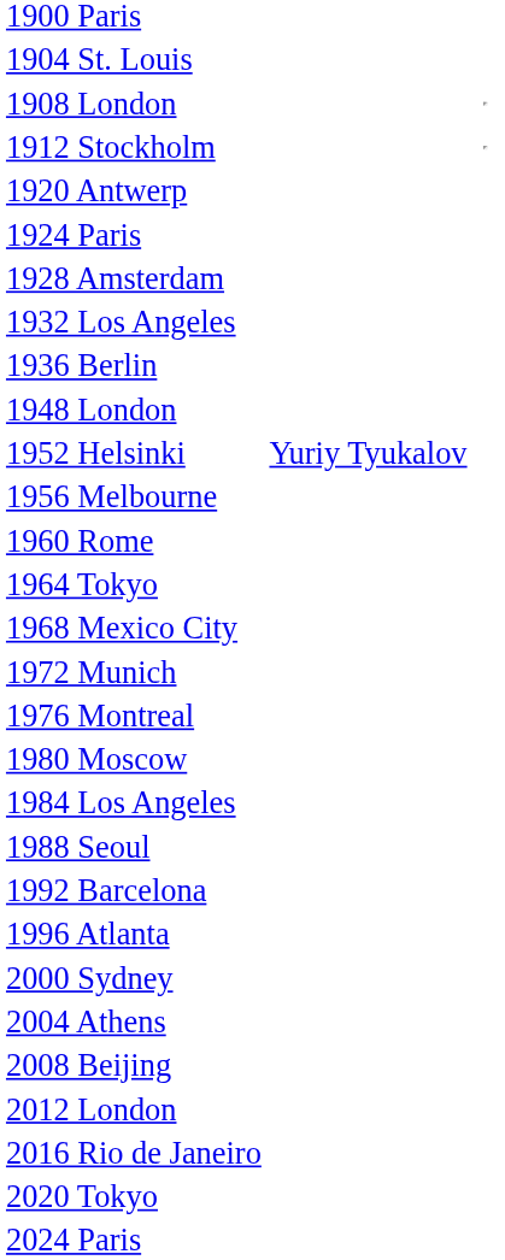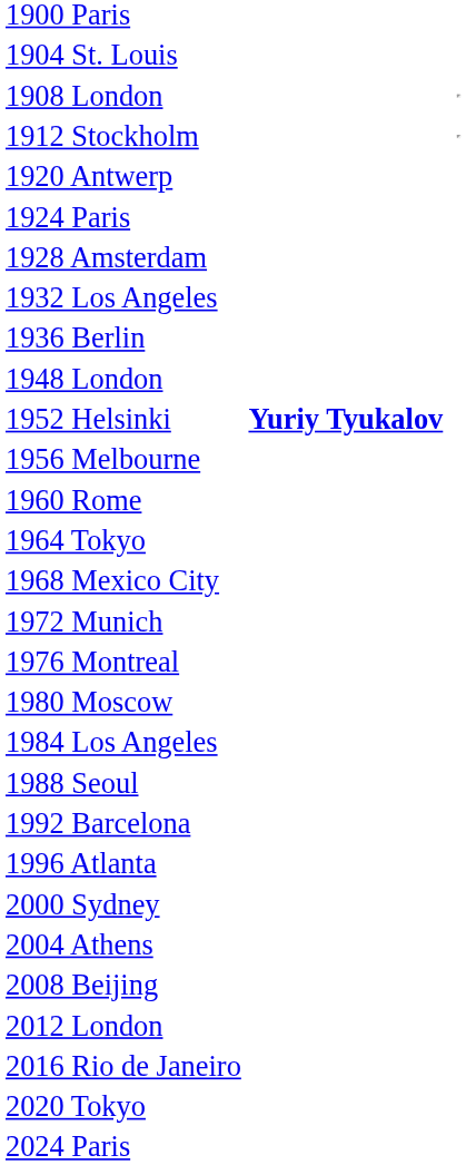 <table>
 <tr>
 <td><a href='#'>1900 Paris</a><br></td>
 <td></td>
 <td></td>
 <td></td>
 </tr>
 <tr>
 <td><a href='#'>1904 St. Louis</a><br></td>
 <td></td>
 <td></td>
 <td></td>
 </tr>
 <tr>
 <td><a href='#'>1908 London</a><br></td>
 <td></td>
 <td></td>
 <td><hr></td>
 </tr>
 <tr>
 <td><a href='#'>1912 Stockholm</a><br></td>
 <td></td>
 <td></td>
 <td><hr></td>
 </tr>
 <tr>
 <td><a href='#'>1920 Antwerp</a><br></td>
 <td></td>
 <td></td>
 <td></td>
 </tr>
 <tr>
 <td><a href='#'>1924 Paris</a><br></td>
 <td></td>
 <td></td>
 <td></td>
 </tr>
 <tr>
 <td><a href='#'>1928 Amsterdam</a><br></td>
 <td></td>
 <td></td>
 <td></td>
 </tr>
 <tr>
 <td><a href='#'>1932 Los Angeles</a><br></td>
 <td></td>
 <td></td>
 <td></td>
 </tr>
 <tr>
 <td><a href='#'>1936 Berlin</a><br></td>
 <td></td>
 <td></td>
 <td></td>
 </tr>
 <tr>
 <td><a href='#'>1948 London</a><br></td>
 <td></td>
 <td></td>
 <td></td>
 </tr>
 <tr>
 <td><a href='#'>1952 Helsinki</a><br></td>
-<td><a href='#'>Yuriy Tyukalov</a><br></td>
+<td><strong><a href='#'>Yuriy Tyukalov</a><br></strong></td>
 <td></td>
 <td></td>
 </tr>
 <tr>
 <td><a href='#'>1956 Melbourne</a><br></td>
 <td></td>
 <td></td>
 <td></td>
 </tr>
 <tr>
 <td><a href='#'>1960 Rome</a><br></td>
 <td></td>
 <td></td>
 <td></td>
 </tr>
 <tr>
 <td><a href='#'>1964 Tokyo</a><br></td>
 <td></td>
 <td></td>
 <td></td>
 </tr>
 <tr>
 <td><a href='#'>1968 Mexico City</a><br></td>
 <td></td>
 <td></td>
 <td></td>
 </tr>
 <tr>
 <td><a href='#'>1972 Munich</a><br></td>
 <td></td>
 <td></td>
 <td></td>
 </tr>
 <tr>
 <td><a href='#'>1976 Montreal</a><br></td>
 <td></td>
 <td></td>
 <td></td>
 </tr>
 <tr>
 <td><a href='#'>1980 Moscow</a><br></td>
 <td></td>
 <td></td>
 <td></td>
 </tr>
 <tr>
 <td><a href='#'>1984 Los Angeles</a><br></td>
 <td></td>
 <td></td>
 <td></td>
 </tr>
 <tr>
 <td><a href='#'>1988 Seoul</a><br></td>
 <td></td>
 <td></td>
 <td></td>
 </tr>
 <tr>
 <td><a href='#'>1992 Barcelona</a><br></td>
 <td></td>
 <td></td>
 <td></td>
 </tr>
 <tr>
 <td><a href='#'>1996 Atlanta</a><br></td>
 <td></td>
 <td></td>
 <td></td>
 </tr>
 <tr>
 <td><a href='#'>2000 Sydney</a><br></td>
 <td></td>
 <td></td>
 <td></td>
 </tr>
 <tr>
 <td><a href='#'>2004 Athens</a><br></td>
 <td></td>
 <td></td>
 <td></td>
 </tr>
 <tr>
 <td><a href='#'>2008 Beijing</a><br></td>
 <td></td>
 <td></td>
 <td></td>
 </tr>
 <tr>
 <td><a href='#'>2012 London</a><br></td>
 <td></td>
 <td></td>
 <td></td>
 </tr>
 <tr>
 <td><a href='#'>2016 Rio de Janeiro</a><br></td>
 <td></td>
 <td></td>
 <td></td>
 </tr>
 <tr>
 <td><a href='#'>2020 Tokyo</a><br></td>
 <td></td>
 <td></td>
 <td></td>
 </tr>
 <tr>
 <td><a href='#'>2024 Paris</a><br></td>
 <td></td>
 <td></td>
 <td></td>
 </tr>
 <tr>
 </tr>
 </table>
